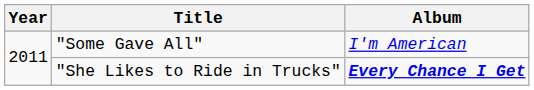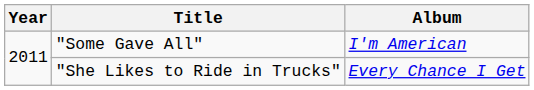 <table class="wikitable">
 <tr>
 <th>Year</th>
 <th>Title</th>
 <th>Album</th>
 </tr>
 <tr>
 <td rowspan="2">2011</td>
 <td>"Some Gave All" </td>
 <td><em><a href='#'>I'm American</a></em></td>
 </tr>
 <tr>
 <td>"She Likes to Ride in Trucks" </td>
-<td><strong><em><a href='#'>Every Chance I Get</a></em></strong></td>
+<td><em><a href='#'>Every Chance I Get</a></em></td>
 </tr>
 </table>
